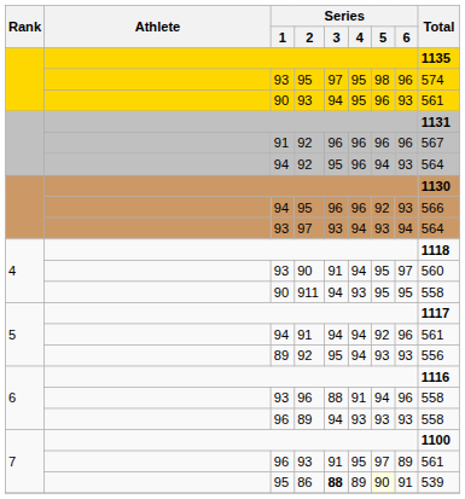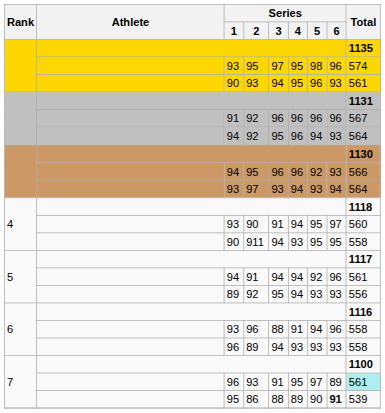 <table class="wikitable" style="font-size:95%" style="width:35em;" style="text-align:center">
 <tr>
 <th rowspan=2>Rank</th>
 <th rowspan=2 width=250>Athlete</th>
 <th colspan=6 width=160>Series</th>
 <th rowspan=2 width=40>Total</th>
 </tr>
 <tr>
 <th>1</th>
 <th>2</th>
 <th>3</th>
 <th>4</th>
 <th>5</th>
 <th>6</th>
 </tr>
 <tr bgcolor=gold>
 <td rowspan=3></td>
 <td colspan=7 align=left></td>
 <td><strong>1135</strong></td>
 </tr>
 <tr bgcolor=gold>
 <td align=left></td>
 <td>93</td>
 <td>95</td>
 <td>97</td>
 <td>95</td>
 <td>98</td>
 <td>96</td>
 <td>574</td>
 </tr>
 <tr bgcolor=gold>
 <td align=left></td>
 <td>90</td>
 <td>93</td>
 <td>94</td>
 <td>95</td>
 <td>96</td>
 <td>93</td>
 <td>561</td>
 </tr>
 <tr bgcolor=silver>
 <td rowspan=3></td>
 <td colspan=7 align=left></td>
 <td><strong>1131</strong></td>
 </tr>
 <tr bgcolor=silver>
 <td align=left></td>
 <td>91</td>
 <td>92</td>
 <td>96</td>
 <td>96</td>
 <td>96</td>
 <td>96</td>
 <td>567</td>
 </tr>
 <tr bgcolor=silver>
 <td align=left></td>
 <td>94</td>
 <td>92</td>
 <td>95</td>
 <td>96</td>
 <td>94</td>
 <td>93</td>
 <td>564</td>
 </tr>
 <tr bgcolor=cc9966>
 <td rowspan=3></td>
 <td colspan=7 align=left></td>
 <td><strong>1130</strong></td>
 </tr>
 <tr bgcolor=cc9966>
 <td align=left></td>
 <td>94</td>
 <td>95</td>
 <td>96</td>
 <td>96</td>
 <td>92</td>
 <td>93</td>
 <td>566</td>
 </tr>
 <tr bgcolor=cc9966>
 <td align=left></td>
 <td>93</td>
 <td>97</td>
 <td>93</td>
 <td>94</td>
 <td>93</td>
 <td>94</td>
 <td>564</td>
 </tr>
 <tr>
 <td rowspan=3>4</td>
 <td colspan=7 align=left></td>
 <td><strong>1118</strong></td>
 </tr>
 <tr>
 <td align=left></td>
 <td>93</td>
 <td>90</td>
 <td>91</td>
 <td>94</td>
 <td>95</td>
 <td>97</td>
 <td>560</td>
 </tr>
 <tr>
 <td align=left></td>
 <td>90</td>
 <td>911</td>
 <td>94</td>
 <td>93</td>
 <td>95</td>
 <td>95</td>
 <td>558</td>
 </tr>
 <tr>
 <td rowspan=3>5</td>
 <td colspan=7 align=left></td>
 <td><strong>1117</strong></td>
 </tr>
 <tr>
 <td align=left></td>
 <td>94</td>
 <td>91</td>
 <td>94</td>
 <td>94</td>
 <td>92</td>
 <td>96</td>
 <td>561</td>
 </tr>
 <tr>
 <td align=left></td>
 <td>89</td>
 <td>92</td>
 <td>95</td>
 <td>94</td>
 <td>93</td>
 <td>93</td>
 <td>556</td>
 </tr>
 <tr>
 <td rowspan=3>6</td>
 <td colspan=7 align=left></td>
 <td><strong>1116</strong></td>
 </tr>
 <tr>
 <td align=left></td>
 <td>93</td>
 <td>96</td>
 <td>88</td>
 <td>91</td>
 <td>94</td>
 <td>96</td>
 <td>558</td>
 </tr>
 <tr>
 <td align=left></td>
 <td>96</td>
 <td>89</td>
 <td>94</td>
 <td>93</td>
 <td>93</td>
 <td>93</td>
 <td>558</td>
 </tr>
 <tr>
 <td rowspan=3>7</td>
 <td colspan=7 align=left></td>
 <td><strong>1100</strong></td>
 </tr>
 <tr>
 <td align=left></td>
 <td>96</td>
 <td>93</td>
 <td>91</td>
 <td>95</td>
 <td>97</td>
 <td>89</td>
-<td>561</td>
+<td style="background: paleturquoise;">561</td>
 </tr>
 <tr>
 <td align=left></td>
 <td>95</td>
 <td>86</td>
-<td><strong>88</strong></td>
+<td>88</td>
 <td>89</td>
-<td style="background: lightyellow;">90</td>
-<td>91</td>
+<td>90</td>
+<td><strong>91</strong></td>
 <td>539</td>
 </tr>
 <tr>
 </tr>
 </table>
